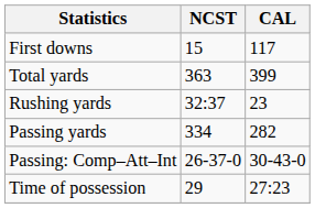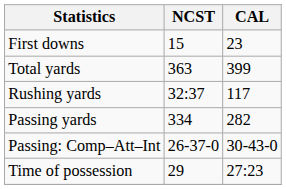 <table class="wikitable" style="float: left;">
 <tr>
 <th>Statistics</th>
 <th>NCST</th>
 <th>CAL</th>
 </tr>
 <tr>
 <td>First downs</td>
 <td>15</td>
-<td>117</td>
+<td>23</td>
 </tr>
 <tr>
 <td>Total yards</td>
 <td>363</td>
 <td>399</td>
 </tr>
 <tr>
 <td>Rushing yards</td>
 <td>32:37</td>
-<td>23</td>
+<td>117</td>
 </tr>
 <tr>
 <td>Passing yards</td>
 <td>334</td>
 <td>282</td>
 </tr>
 <tr>
 <td>Passing: Comp–Att–Int</td>
 <td>26-37-0</td>
 <td>30-43-0</td>
 </tr>
 <tr>
 <td>Time of possession</td>
 <td>29</td>
 <td>27:23</td>
 </tr>
 <tr>
 </tr>
 </table>
